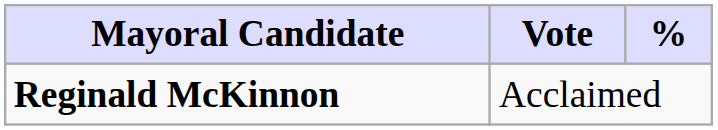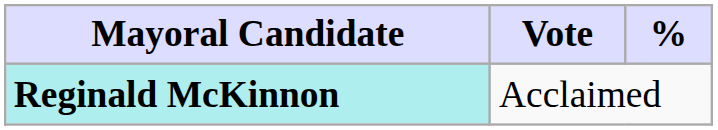 <table class="wikitable">
 <tr>
 <th style="background:#ddf; width:200px;">Mayoral Candidate</th>
 <th style="background:#ddf; width:50px;">Vote</th>
 <th style="background:#ddf; width:30px;">%</th>
 </tr>
 <tr>
-<td><strong>Reginald McKinnon</strong></td>
+<td style="background: paleturquoise;"><strong>Reginald McKinnon</strong></td>
 <td colspan="2">Acclaimed</td>
 </tr>
 </table>
